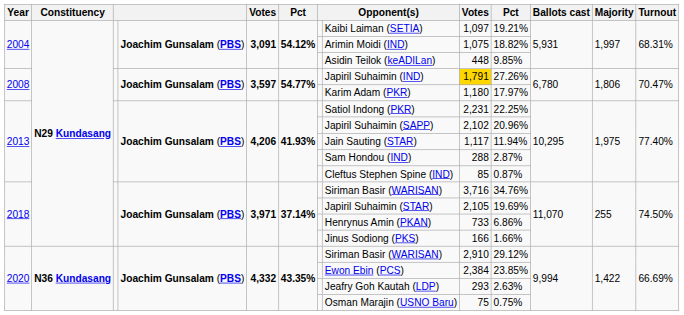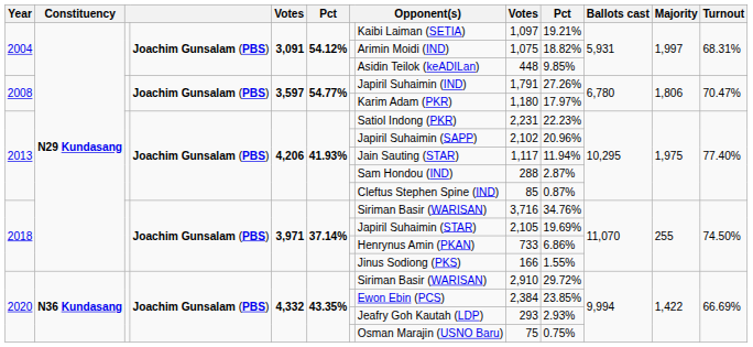 <table class="wikitable" style="margin:0.5em ; font-size:95%">
 <tr>
 <th>Year</th>
 <th>Constituency</th>
 <th colspan=2></th>
 <th>Votes</th>
 <th>Pct</th>
 <th colspan=2>Opponent(s)</th>
 <th>Votes</th>
 <th>Pct</th>
 <th>Ballots cast</th>
 <th>Majority</th>
 <th>Turnout</th>
 </tr>
 <tr>
 <td rowspan=3><a href='#'>2004</a></td>
 <td rowspan=14><strong>N29 <a href='#'>Kundasang</a></strong></td>
 <td rowspan=3 ></td>
 <td rowspan=3><strong>Joachim Gunsalam</strong> (<a href='#'><strong>PBS</strong></a>)</td>
 <td rowspan=3 align="right"><strong>3,091</strong></td>
 <td rowspan=3><strong>54.12%</strong></td>
 <td></td>
 <td>Kaibi Laiman (<a href='#'>SETIA</a>)</td>
 <td align="right">1,097</td>
 <td>19.21%</td>
 <td rowspan=3>5,931</td>
 <td rowspan=3>1,997</td>
 <td rowspan=3>68.31%</td>
 </tr>
 <tr>
 <td></td>
 <td>Arimin Moidi (<a href='#'>IND</a>)</td>
 <td align="right">1,075</td>
 <td>18.82%</td>
 </tr>
 <tr>
 <td></td>
 <td>Asidin Teilok (<a href='#'>keADILan</a>)</td>
 <td align="right">448</td>
 <td>9.85%</td>
 </tr>
 <tr>
 <td rowspan=2><a href='#'>2008</a></td>
 <td rowspan=2 ></td>
 <td rowspan=2><strong>Joachim Gunsalam</strong> (<a href='#'><strong>PBS</strong></a>)</td>
 <td rowspan=2 align="right"><strong>3,597</strong></td>
 <td rowspan=2><strong>54.77%</strong></td>
 <td></td>
 <td>Japiril Suhaimin (<a href='#'>IND</a>)</td>
-<td align="right" style="background: gold;">1,791</td>
+<td align="right">1,791</td>
 <td>27.26%</td>
 <td rowspan=2>6,780</td>
 <td rowspan=2>1,806</td>
 <td rowspan=2>70.47%</td>
 </tr>
 <tr>
 <td></td>
 <td>Karim Adam (<a href='#'>PKR</a>)</td>
 <td align="right">1,180</td>
 <td>17.97%</td>
 </tr>
 <tr>
 <td rowspan=5><a href='#'>2013</a></td>
 <td rowspan=5 ></td>
 <td rowspan=5><strong>Joachim Gunsalam</strong> (<a href='#'><strong>PBS</strong></a>)</td>
 <td rowspan=5 align="right"><strong>4,206</strong></td>
 <td rowspan=5><strong>41.93%</strong></td>
 <td></td>
 <td>Satiol Indong (<a href='#'>PKR</a>)</td>
 <td align="right">2,231</td>
-<td>22.25%</td>
+<td>22.23%</td>
 <td rowspan=5>10,295</td>
 <td rowspan=5>1,975</td>
 <td rowspan=5>77.40%</td>
 </tr>
 <tr>
 <td></td>
 <td>Japiril Suhaimin (<a href='#'>SAPP</a>)</td>
 <td align="right">2,102</td>
 <td>20.96%</td>
 </tr>
 <tr>
 <td></td>
 <td>Jain Sauting (<a href='#'>STAR</a>)</td>
 <td align="right">1,117</td>
 <td>11.94%</td>
 </tr>
 <tr>
 <td></td>
 <td>Sam Hondou (<a href='#'>IND</a>)</td>
 <td align="right">288</td>
 <td>2.87%</td>
 </tr>
 <tr>
 <td></td>
 <td>Cleftus Stephen Spine (<a href='#'>IND</a>)</td>
 <td align="right">85</td>
 <td>0.87%</td>
 </tr>
 <tr>
 <td rowspan=4><a href='#'>2018</a></td>
 <td rowspan=4 ></td>
 <td rowspan=4><strong>Joachim Gunsalam</strong> (<a href='#'><strong>PBS</strong></a>)</td>
 <td rowspan=4 align="right"><strong>3,971</strong></td>
 <td rowspan=4><strong>37.14%</strong></td>
 <td></td>
 <td>Siriman Basir (<a href='#'>WARISAN</a>)</td>
 <td align="right">3,716</td>
 <td>34.76%</td>
 <td rowspan=4>11,070</td>
 <td rowspan=4>255</td>
 <td rowspan=4>74.50%</td>
 </tr>
 <tr>
 <td></td>
 <td>Japiril Suhaimin (<a href='#'>STAR</a>)</td>
 <td align="right">2,105</td>
 <td>19.69%</td>
 </tr>
 <tr>
 <td></td>
 <td>Henrynus Amin (<a href='#'>PKAN</a>)</td>
 <td align="right">733</td>
 <td>6.86%</td>
 </tr>
 <tr>
 <td></td>
 <td>Jinus Sodiong (<a href='#'>PKS</a>)</td>
 <td align="right">166</td>
-<td>1.66%</td>
+<td>1.55%</td>
 </tr>
 <tr>
 <td rowspan=4><a href='#'>2020</a></td>
 <td rowspan=4><strong>N36 <a href='#'>Kundasang</a></strong></td>
 <td rowspan=4 ></td>
 <td rowspan=4><strong>Joachim Gunsalam</strong> (<a href='#'><strong>PBS</strong></a>)</td>
 <td rowspan=4 align="right"><strong>4,332</strong></td>
 <td rowspan=4><strong>43.35%</strong></td>
 <td></td>
 <td>Siriman Basir (<a href='#'>WARISAN</a>)</td>
 <td align="right">2,910</td>
-<td>29.12%</td>
+<td>29.72%</td>
 <td rowspan=4>9,994</td>
 <td rowspan=4>1,422</td>
 <td rowspan=4>66.69%</td>
 </tr>
 <tr>
 <td></td>
 <td><a href='#'>Ewon Ebin</a> (<a href='#'>PCS</a>)</td>
 <td align="right">2,384</td>
 <td>23.85%</td>
 </tr>
 <tr>
 <td></td>
 <td>Jeafry Goh Kautah (<a href='#'>LDP</a>)</td>
 <td align="right">293</td>
-<td>2.63%</td>
+<td>2.93%</td>
 </tr>
 <tr>
 <td bgcolor=></td>
 <td>Osman Marajin (<a href='#'>USNO Baru</a>)</td>
 <td align="right">75</td>
 <td>0.75%</td>
 </tr>
 </table>
